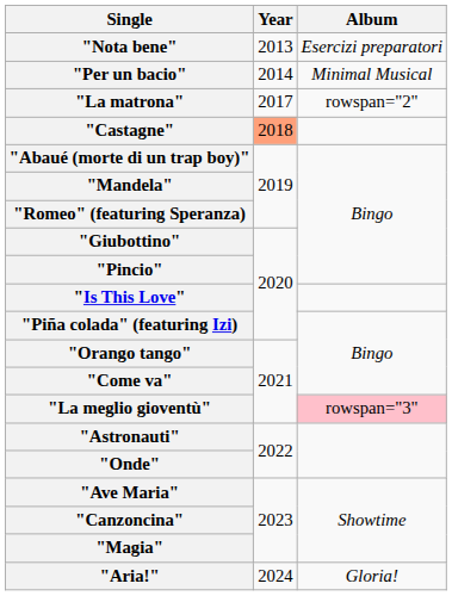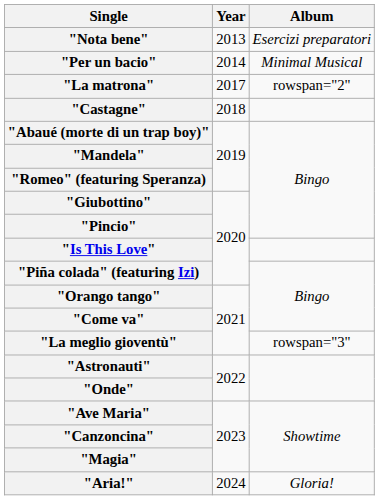 <table class="wikitable plainrowheaders" style="text-align:center;">
 <tr>
 <th scope="col" rowspan="1">Single</th>
 <th scope="col" rowspan="1">Year</th>
 <th scope="col" rowspan="1">Album</th>
 </tr>
 <tr>
 <th scope="row">"Nota bene"</th>
 <td>2013</td>
 <td><em>Esercizi preparatori</em></td>
 </tr>
 <tr>
 <th scope="row">"Per un bacio"</th>
 <td>2014</td>
 <td><em>Minimal Musical</em></td>
 </tr>
 <tr>
 <th scope="row">"La matrona"</th>
 <td>2017</td>
 <td>rowspan="2" </td>
 </tr>
 <tr>
 <th scope="row">"Castagne"</th>
-<td style="background: lightsalmon;">2018</td>
+<td>2018</td>
 </tr>
 <tr>
 <th scope="row">"Abaué (morte di un trap boy)"</th>
 <td rowspan="3">2019</td>
 <td rowspan="5"><em>Bingo</em></td>
 </tr>
 <tr>
 <th scope="row">"Mandela"</th>
 </tr>
 <tr>
 <th scope="row">"Romeo" (featuring Speranza)</th>
 </tr>
 <tr>
 <th scope="row">"Giubottino"</th>
 <td rowspan="4">2020</td>
 </tr>
 <tr>
 <th scope="row">"Pincio"</th>
 </tr>
 <tr>
 <th scope="row">"<a href='#'>Is This Love</a>"</th>
 <td></td>
 </tr>
 <tr>
 <th scope="row">"Piña colada" (featuring <a href='#'>Izi</a>)</th>
 <td rowspan="3"><em>Bingo</em></td>
 </tr>
 <tr>
 <th scope="row">"Orango tango"</th>
 <td rowspan="3">2021</td>
 </tr>
 <tr>
 <th scope="row">"Come va"</th>
 </tr>
 <tr>
 <th scope="row">"La meglio gioventù"</th>
-<td style="background: pink;">rowspan="3" </td>
+<td>rowspan="3" </td>
 </tr>
 <tr>
 <th scope="row">"Astronauti"</th>
 <td rowspan="2">2022</td>
 </tr>
 <tr>
 <th scope="row">"Onde"</th>
 </tr>
 <tr>
 <th scope="row">"Ave Maria"</th>
 <td rowspan="3">2023</td>
 <td rowspan="3"><em>Showtime</em></td>
 </tr>
 <tr>
 <th scope="row">"Canzoncina"</th>
 </tr>
 <tr>
 <th scope="row">"Magia"</th>
 </tr>
 <tr>
 <th scope="row">"Aria!"</th>
 <td>2024</td>
 <td><em>Gloria!</em></td>
 </tr>
 </table>
